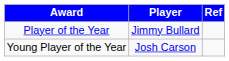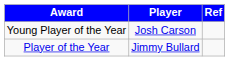 <table class="wikitable" style="text-align:center">
 <tr>
 <th style="background:blue; color:white; width=0%">Award</th>
 <th style="background:blue; color:white; width=0%">Player</th>
 <th style="background:blue; color:white; width=0%">Ref</th>
 </tr>
 <tr>
+<td>Young Player of the Year</td>
+<td> <a href='#'>Josh Carson</a></td>
+<td></td>
+</tr>
+<tr>
 <td><a href='#'>Player of the Year</a></td>
 <td> <a href='#'>Jimmy Bullard</a></td>
 <td></td>
 </tr>
-<tr>
-<td>Young Player of the Year</td>
-<td> <a href='#'>Josh Carson</a></td>
-<td></td>
-</tr>
 </table>
